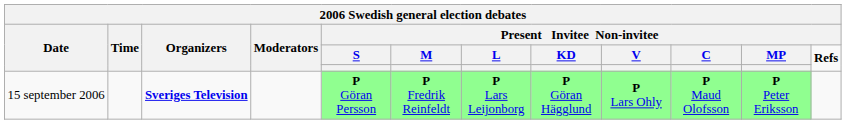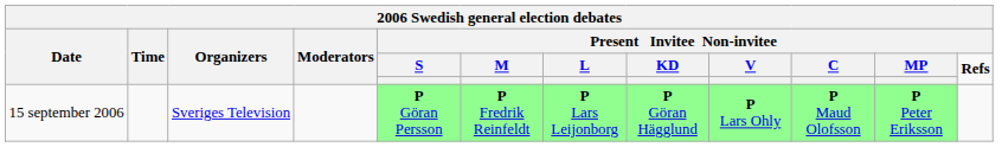 <table class="wikitable" style="font-size:85%; line-height:15px; text-align:center;">
 <tr>
 <th colspan="12">2006 Swedish general election debates</th>
 </tr>
 <tr>
 <th rowspan="3">Date</th>
 <th rowspan="3">Time</th>
 <th rowspan="3">Organizers</th>
 <th rowspan="3">Moderators</th>
 <th colspan="8"> Present    Invitee  Non-invitee </th>
 </tr>
 <tr>
 <th scope="col" style="width:5em;"><a href='#'>S</a></th>
 <th scope="col" style="width:5em;"><a href='#'>M</a></th>
 <th scope="col" style="width:5em;"><a href='#'>L</a></th>
 <th scope="col" style="width:5em;"><a href='#'>KD</a></th>
 <th scope="col" style="width:5em;"><a href='#'>V</a></th>
 <th scope="col" style="width:5em;"><a href='#'>C</a></th>
 <th scope="col" style="width:5em;"><a href='#'>MP</a></th>
 <td rowspan="2"><strong>Refs</strong></td>
 </tr>
 <tr>
 <th style="background:"></th>
 <th style="background:"></th>
 <th style="background:"></th>
 <th style="background:"></th>
 <th style="background:"></th>
 <th style="background:"></th>
 <th style="background:"></th>
 </tr>
 <tr>
 <td>15 september 2006</td>
 <td></td>
-<td><strong><a href='#'>Sveriges Television</a></strong></td>
+<td><a href='#'>Sveriges Television</a></td>
 <td></td>
 <td style="background:#90FF90"><strong>P</strong><br><a href='#'>Göran Persson</a></td>
 <td style="background:#90FF90"><strong>P</strong><br><a href='#'>Fredrik Reinfeldt</a></td>
 <td style="background:#90FF90"><strong>P</strong><br><a href='#'>Lars Leijonborg</a></td>
 <td style="background:#90FF90"><strong>P</strong><br><a href='#'>Göran Hägglund</a></td>
 <td style="background:#90FF90"><strong>P</strong><br><a href='#'>Lars Ohly</a></td>
 <td style="background:#90FF90"><strong>P</strong><br><a href='#'>Maud Olofsson</a></td>
 <td style="background:#90FF90"><strong>P</strong><br><a href='#'>Peter Eriksson</a></td>
 <td></td>
 </tr>
 </table>
